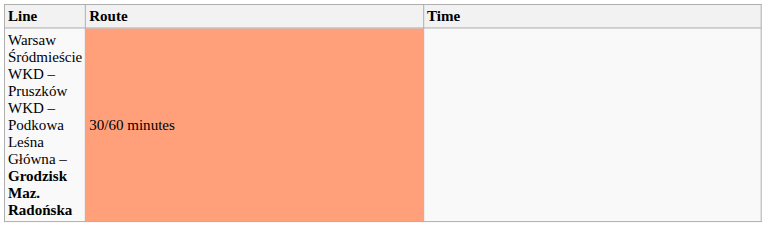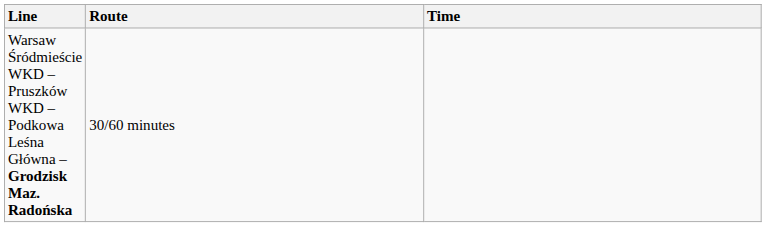 <table class="wikitable">
 <tr>
 <th style="text-align:left; width:3em;">Line</th>
 <th style="text-align:left; width:22em;">Route</th>
 <th style="text-align:left; width:22em;">Time</th>
 </tr>
 <tr>
 <td>Warsaw Śródmieście WKD – Pruszków WKD – Podkowa Leśna Główna – <strong>Grodzisk Maz. Radońska</strong></td>
-<td style="background: lightsalmon;">30/60 minutes</td>
+<td>30/60 minutes</td>
 </tr>
 </table>
